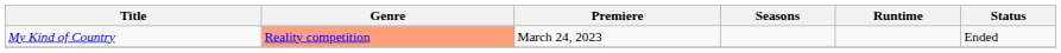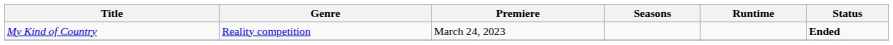 <table class="wikitable sortable" style="width:100%">
 <tr>
 <th>Title</th>
 <th>Genre</th>
 <th>Premiere</th>
 <th>Seasons</th>
 <th>Runtime</th>
 <th>Status</th>
 </tr>
 <tr>
 <td><em><a href='#'>My Kind of Country</a></em></td>
-<td style="background: lightsalmon;"><a href='#'>Reality competition</a></td>
+<td><a href='#'>Reality competition</a></td>
 <td>March 24, 2023</td>
 <td></td>
 <td></td>
-<td>Ended</td>
+<td><strong>Ended</strong></td>
 </tr>
 <tr>
 </tr>
 </table>
